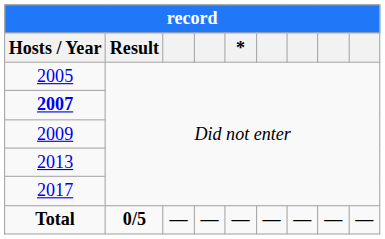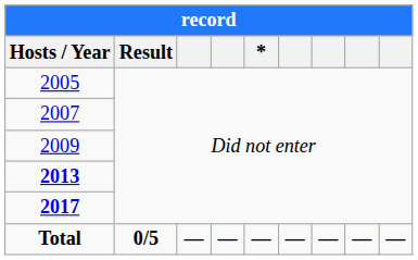 <table class="wikitable mw-collapsible" style="text-align: center;font-size:100%;">
 <tr>
 <th colspan="9" style="background: #2077F8; color: white;"><a href='#'></a> record</th>
 </tr>
 <tr>
 <th>Hosts / Year</th>
 <th>Result</th>
 <th width=20></th>
 <th width=20></th>
 <th width=20>*</th>
 <th width=20></th>
 <th width=20></th>
 <th width=20></th>
 <th width=20></th>
 </tr>
 <tr>
 <td> <a href='#'>2005</a></td>
 <td colspan=8 rowspan=5><em>Did not enter</em></td>
 </tr>
 <tr>
-<td><strong> <a href='#'>2007</a></strong></td>
+<td> <a href='#'>2007</a></td>
 </tr>
 <tr>
 <td> <a href='#'>2009</a></td>
 </tr>
 <tr>
-<td> <a href='#'>2013</a></td>
+<td><strong> <a href='#'>2013</a></strong></td>
 </tr>
 <tr>
-<td> <a href='#'>2017</a></td>
+<td><strong> <a href='#'>2017</a></strong></td>
 </tr>
 <tr>
 <td><strong>Total</strong></td>
 <td><strong>0/5</strong></td>
 <td><strong>—</strong></td>
 <td><strong>—</strong></td>
 <td><strong>—</strong></td>
 <td><strong>—</strong></td>
 <td><strong>—</strong></td>
 <td><strong>—</strong></td>
 <td><strong>—</strong></td>
 </tr>
 </table>
